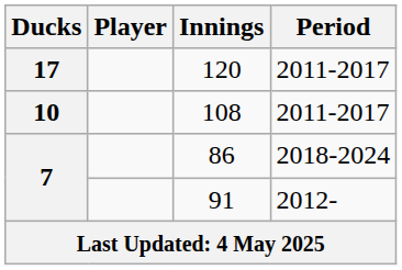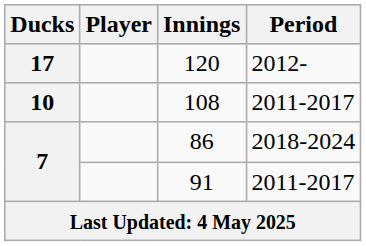 <table class="wikitable sortable" style="text-align:left;font-size:96%;">
 <tr>
 <th>Ducks</th>
 <th>Player</th>
 <th>Innings</th>
 <th>Period</th>
 </tr>
 <tr>
 <th scope=row style=text-align:center;>17</th>
 <td></td>
 <td align=center>120</td>
-<td>2011-2017</td>
+<td>2012-</td>
 </tr>
 <tr>
 <th scope=row style=text-align:center;>10</th>
 <td></td>
 <td align=center>108</td>
 <td>2011-2017</td>
 </tr>
 <tr>
 <th scope=row style=text-align:center; rowspan=2>7</th>
 <td></td>
 <td align=center>86</td>
 <td>2018-2024</td>
 </tr>
 <tr>
 <td></td>
 <td align=center>91</td>
-<td>2012-</td>
+<td>2011-2017</td>
 </tr>
 <tr class=sortbottom>
 <th colspan=6><small>Last Updated: 4 May 2025</small></th>
 </tr>
 </table>
